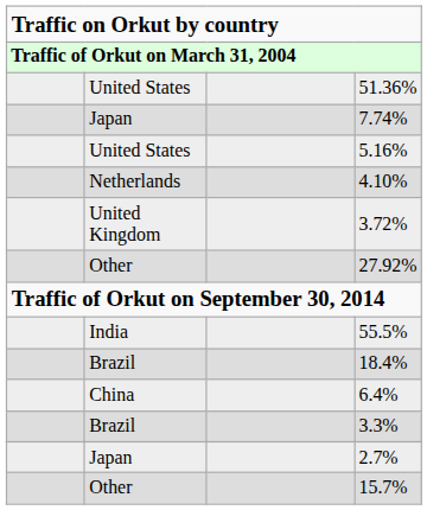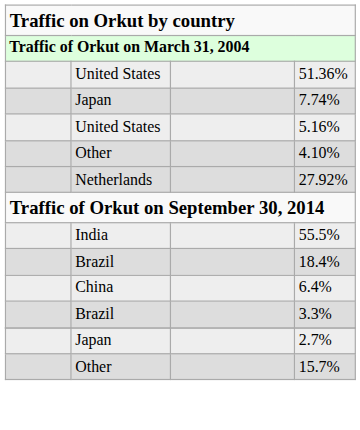 <table class="wikitable" style="width:300px; float:right; font-size:85%; margin:0.25em 0 1em 1em;">
 <tr>
 <td ! colspan="4" style="font-size:117.6%;"><strong>Traffic on Orkut by country</strong></td>
 </tr>
 <tr style="background:#dfd;">
 <td ! colspan="4" style="font-size:117"><strong>Traffic of Orkut on March 31, 2004</strong></td>
 </tr>
 <tr style="background:#eee;">
 <td></td>
 <td>United States</td>
 <td><div></div></td>
 <td>51.36%</td>
 </tr>
 <tr style="background:#ddd;">
 <td></td>
 <td>Japan</td>
 <td><div></div></td>
 <td>7.74%</td>
 </tr>
 <tr style="background:#eee;">
 <td style="width:50px;"></td>
 <td>United States</td>
 <td style="width:100px;"><div></div></td>
 <td>5.16%</td>
 </tr>
 <tr style="background:#ddd;">
 <td></td>
-<td>Netherlands</td>
+<td>Other</td>
 <td><div></div></td>
 <td>4.10%</td>
 </tr>
-<tr style="background:#eee;">
-<td></td>
-<td>United Kingdom</td>
-<td><div></div></td>
-<td>3.72%</td>
-</tr>
 <tr style="background:#ddd;">
 <td></td>
-<td>Other</td>
+<td>Netherlands</td>
 <td><div></div></td>
 <td>27.92%</td>
 </tr>
 <tr>
 <td ! colspan="4" style="font-size:117.6%;"><strong>Traffic of Orkut on September 30, 2014</strong></td>
 </tr>
 <tr style="background:#eee;">
 <td></td>
 <td>India</td>
 <td><div></div></td>
 <td>55.5%</td>
 </tr>
 <tr style="background:#ddd;">
 <td style="width:50px;"></td>
 <td>Brazil</td>
 <td style="width:18.4px;"><div></div></td>
 <td>18.4%</td>
 </tr>
 <tr style="background:#eee;">
 <td></td>
 <td>China</td>
 <td><div></div></td>
 <td>6.4%</td>
 </tr>
 <tr style="background:#ddd;">
 <td></td>
 <td>Brazil</td>
 <td><div></div></td>
 <td>3.3%</td>
 </tr>
 <tr>
 </tr>
 <tr style="background:#eee;">
 <td></td>
 <td>Japan</td>
 <td><div></div></td>
 <td>2.7%</td>
 </tr>
 <tr style="background:#ddd;">
 <td></td>
 <td>Other</td>
 <td><div></div></td>
 <td>15.7%</td>
 </tr>
 </table>
